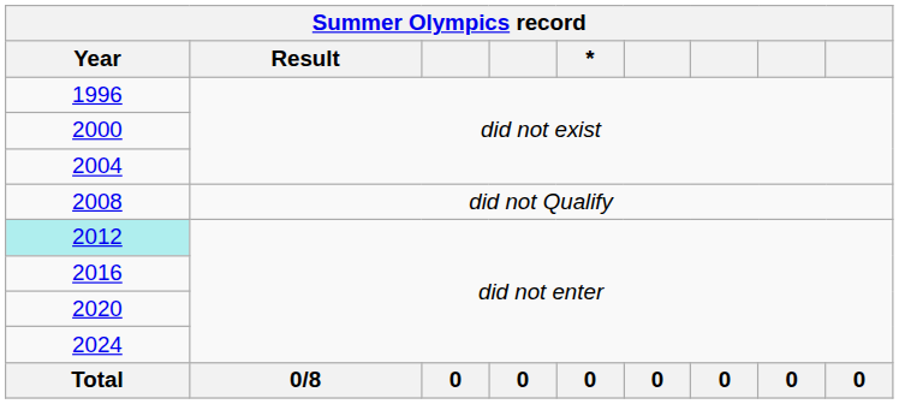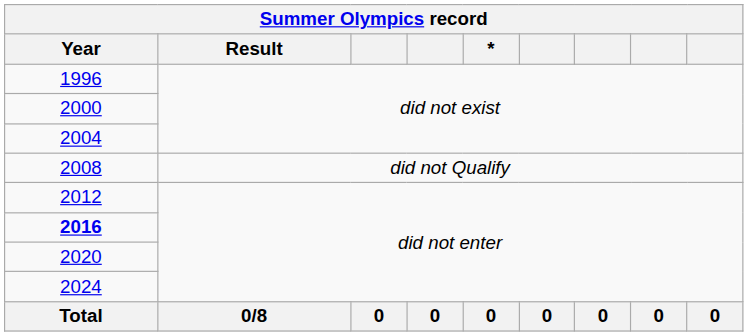 <table class="wikitable" style="text-align: center; width:50%;">
 <tr>
 <th colspan="9"><a href='#'>Summer Olympics</a> record</th>
 </tr>
 <tr>
 <th>Year</th>
 <th>Result</th>
 <th></th>
 <th></th>
 <th>*</th>
 <th></th>
 <th></th>
 <th></th>
 <th></th>
 </tr>
 <tr>
 <td> <a href='#'>1996</a></td>
 <td colspan=8 rowspan=3><em>did not exist</em></td>
 </tr>
 <tr>
 <td> <a href='#'>2000</a></td>
 </tr>
 <tr>
 <td> <a href='#'>2004</a></td>
 </tr>
 <tr>
 <td> <a href='#'>2008</a></td>
 <td colspan=8><em>did not Qualify</em></td>
 </tr>
 <tr>
-<td style="background: paleturquoise;"> <a href='#'>2012</a></td>
+<td> <a href='#'>2012</a></td>
 <td colspan=8 rowspan=4><em>did not enter</em></td>
 </tr>
 <tr>
-<td> <a href='#'>2016</a></td>
+<td><strong> <a href='#'>2016</a></strong></td>
 </tr>
 <tr>
 <td> <a href='#'>2020</a></td>
 </tr>
 <tr>
 <td> <a href='#'>2024</a></td>
 </tr>
 <tr>
 <th>Total</th>
 <th>0/8</th>
 <th>0</th>
 <th>0</th>
 <th>0</th>
 <th>0</th>
 <th>0</th>
 <th>0</th>
 <th>0</th>
 </tr>
 </table>
